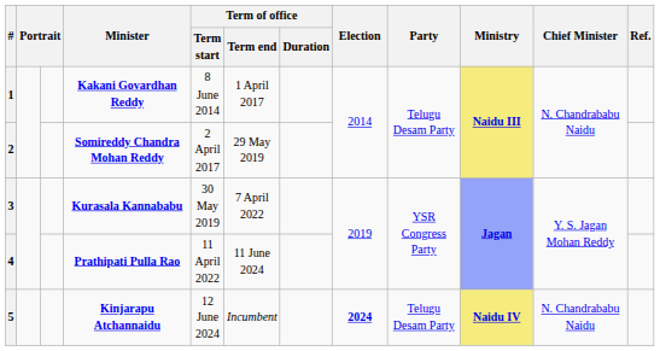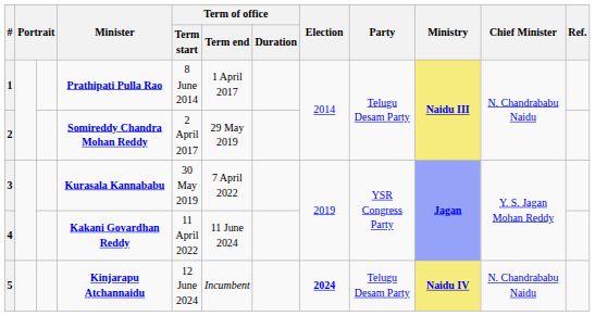 <table class="wikitable" style="line-height:1.4em; text-align:center">
 <tr>
 <th rowspan=2>#</th>
 <th rowspan=2 colspan="2">Portrait</th>
 <th rowspan=2 style="width:16em">Minister<br></th>
 <th colspan="3">Term of office</th>
 <th rowspan=2 style="width:5em">Election<br></th>
 <th rowspan=2 style="width:8em">Party</th>
 <th rowspan=2 style="width:8em">Ministry</th>
 <th rowspan=2 style="width:10em">Chief Minister</th>
 <th rowspan=2>Ref.</th>
 </tr>
 <tr>
 <th>Term start</th>
 <th>Term end</th>
 <th>Duration</th>
 </tr>
 <tr>
 <th>1</th>
 <td rowspan=2></td>
 <td></td>
-<td><strong><a href='#'>Kakani Govardhan Reddy</a></strong><br></td>
+<td><strong><a href='#'>Prathipati Pulla Rao</a></strong><br></td>
 <td>8 June 2014</td>
 <td>1 April 2017</td>
 <td><strong></strong></td>
 <td rowspan=2><a href='#'>2014</a><br></td>
 <td rowspan=2><a href='#'>Telugu Desam Party</a></td>
 <td rowspan=2 bgcolor="#F5EC7D"><strong><a href='#'>Naidu III</a></strong></td>
 <td rowspan=2><a href='#'>N. Chandrababu Naidu</a></td>
 <td></td>
 </tr>
 <tr>
 <th>2</th>
 <td></td>
 <td><strong><a href='#'>Somireddy Chandra Mohan Reddy</a></strong><br></td>
 <td>2 April 2017</td>
 <td>29 May 2019</td>
 <td><strong></strong></td>
 <td></td>
 </tr>
 <tr>
 <th>3</th>
 <td rowspan=2></td>
 <td></td>
 <td><strong><a href='#'>Kurasala Kannababu</a></strong><br></td>
 <td>30 May 2019</td>
 <td>7 April 2022</td>
 <td><strong></strong></td>
 <td rowspan=2><a href='#'>2019</a><br></td>
 <td rowspan="2"><a href='#'>YSR Congress Party</a></td>
 <td rowspan=2 bgcolor="#94A2F7"><strong><a href='#'>Jagan</a></strong></td>
 <td rowspan="2"><a href='#'>Y. S. Jagan Mohan Reddy</a></td>
 <td></td>
 </tr>
 <tr>
 <th>4</th>
 <td></td>
-<td><strong><a href='#'>Prathipati Pulla Rao</a></strong><br></td>
+<td><strong><a href='#'>Kakani Govardhan Reddy</a></strong><br></td>
 <td>11 April 2022</td>
 <td>11 June 2024</td>
 <td><strong></strong></td>
 <td></td>
 </tr>
 <tr>
 <th>5</th>
 <td></td>
 <td></td>
 <td><strong><a href='#'>Kinjarapu Atchannaidu</a></strong><br></td>
 <td>12 June 2024</td>
 <td><em>Incumbent</em></td>
 <td><strong></strong></td>
 <td><strong><a href='#'>2024</a><br></strong></td>
 <td><a href='#'>Telugu Desam Party</a></td>
 <td bgcolor="#F5EC7D"><strong><a href='#'>Naidu IV</a></strong></td>
 <td><a href='#'>N. Chandrababu Naidu</a></td>
 <td></td>
 </tr>
 </table>
